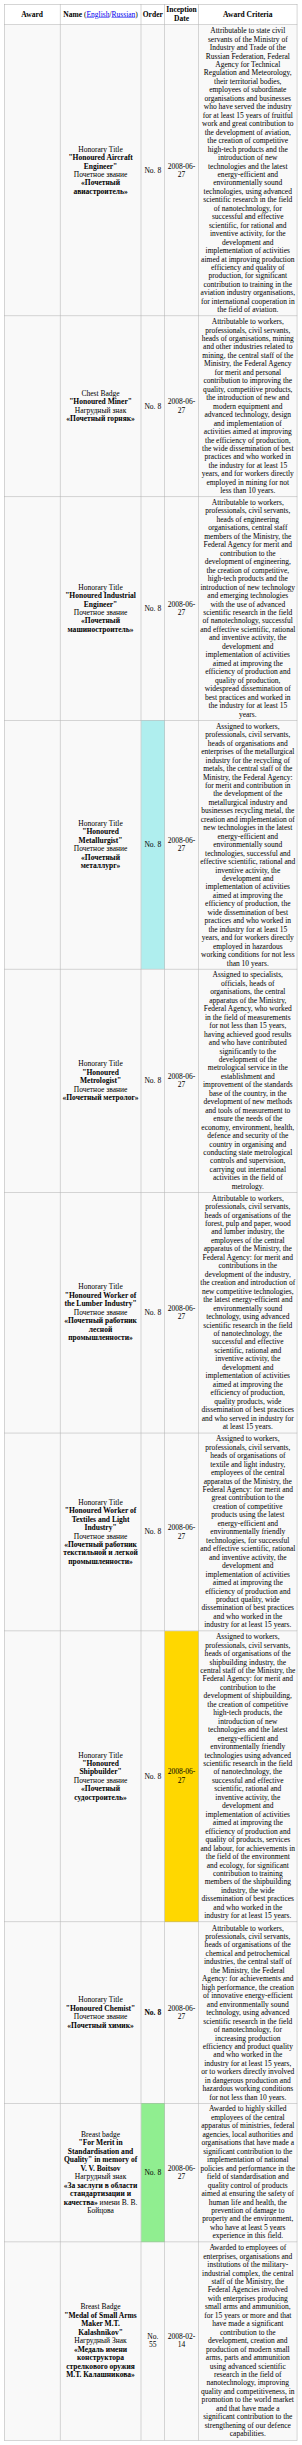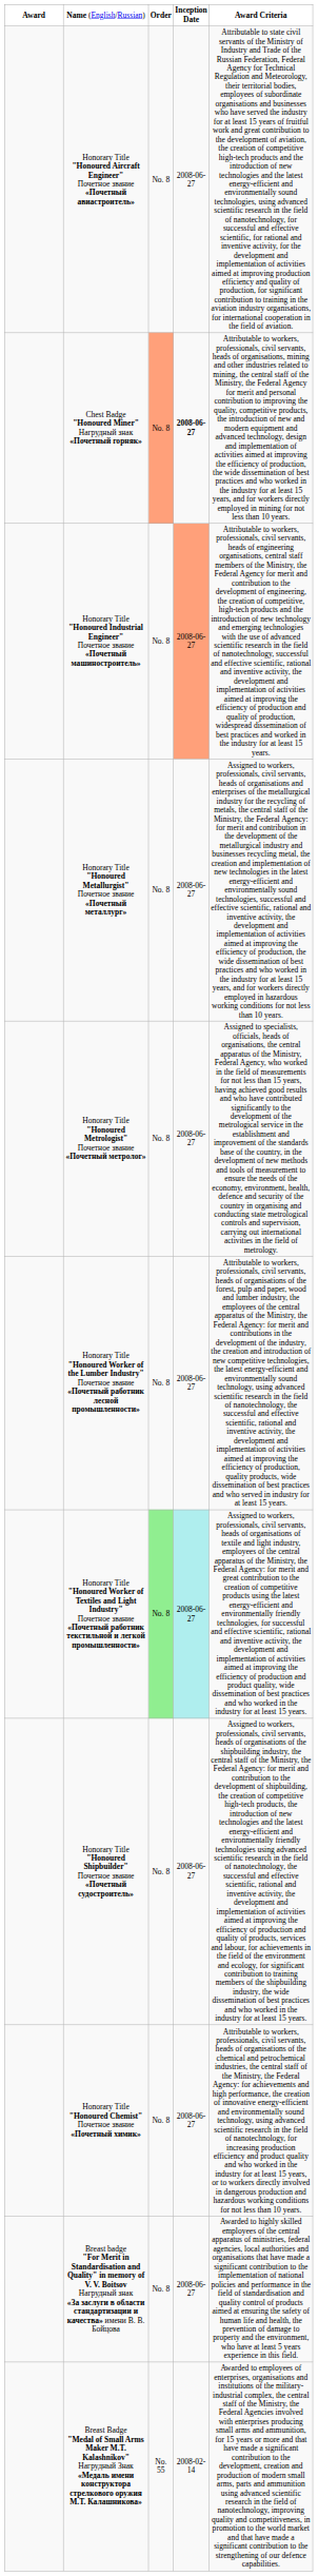 <table class="wikitable sortable" width="100%">
 <tr>
 <td width="20%" bgcolor="#FFFFFF" style="text-align:center;"><strong>Award</strong></td>
 <td width="28%" bgcolor="#FFFFFF" style="text-align:center;"><strong>Name</strong> (<a href='#'>English</a>/<a href='#'>Russian</a>)</td>
 <td width="07%" bgcolor="#FFFFFF" style="text-align:center;"><strong>Order</strong></td>
 <td width="10%" bgcolor="#FFFFFF" style="text-align:center;"><strong>Inception Date</strong></td>
 <td width="35%" bgcolor="#FFFFFF" style="text-align:center;"><strong>Award Criteria</strong></td>
 </tr>
 <tr>
 <td></td>
 <td style="text-align:center;">Honorary Title<br><strong>"Honoured Aircraft Engineer"</strong><br>Почетное звание<br><strong>«Почетный авиастроитель»</strong></td>
 <td style="text-align:center;">No. 8</td>
 <td style="text-align:center;">2008-06-27</td>
 <td style="text-align:center;">Attributable to state civil servants of the Ministry of Industry and Trade of the Russian Federation, Federal Agency for Technical Regulation and Meteorology, their territorial bodies, employees of subordinate organisations and businesses who have served the industry for at least 15 years of fruitful work and great contribution to the development of aviation, the creation of competitive high-tech products and the introduction of new technologies and the latest energy-efficient and environmentally sound technologies, using advanced scientific research in the field of nanotechnology, for successful and effective scientific, for rational and inventive activity, for the development and implementation of activities aimed at improving production efficiency and quality of production, for significant contribution to training in the aviation industry organisations, for international cooperation in the field of aviation.</td>
 </tr>
 <tr>
 <td></td>
 <td style="text-align:center;">Chest Badge<br><strong>"Honoured Miner"</strong><br>Нагрудный знак<br><strong>«Почетный горняк»</strong></td>
-<td style="text-align:center;">No. 8</td>
-<td style="text-align:center;">2008-06-27</td>
+<td style="background: lightsalmon; text-align:center;">No. 8</td>
+<td style="text-align:center;"><strong>2008-06-27</strong></td>
 <td style="text-align:center;">Attributable to workers, professionals, civil servants, heads of organisations, mining and other industries related to mining, the central staff of the Ministry, the Federal Agency for merit and personal contribution to improving the quality, competitive products, the introduction of new and modern equipment and advanced technology, design and implementation of activities aimed at improving the efficiency of production, the wide dissemination of best practices and who worked in the industry for at least 15 years, and for workers directly employed in mining for not less than 10 years.</td>
 </tr>
 <tr>
 <td></td>
 <td style="text-align:center;">Honorary Title<br><strong>"Honoured Industrial Engineer"</strong><br>Почетное звание<br><strong>«Почетный машиностроитель»</strong></td>
 <td style="text-align:center;">No. 8</td>
-<td style="text-align:center;">2008-06-27</td>
+<td style="background: lightsalmon; text-align:center;">2008-06-27</td>
 <td style="text-align:center;">Attributable to workers, professionals, civil servants, heads of engineering organisations, central staff members of the Ministry, the Federal Agency for merit and contribution to the development of engineering, the creation of competitive, high-tech products and the introduction of new technology and emerging technologies with the use of advanced scientific research in the field of nanotechnology, successful and effective scientific, rational and inventive activity, the development and implementation of activities aimed at improving the efficiency of production and quality of production, widespread dissemination of best practices and worked in the industry for at least 15 years.</td>
 </tr>
 <tr>
 <td></td>
 <td style="text-align:center;">Honorary Title<br><strong>"Honoured Metallurgist"</strong><br>Почетное звание<br><strong>«Почетный металлург»</strong></td>
-<td style="background: paleturquoise; text-align:center;">No. 8</td>
+<td style="text-align:center;">No. 8</td>
 <td style="text-align:center;">2008-06-27</td>
 <td style="text-align:center;">Assigned to workers, professionals, civil servants, heads of organisations and enterprises of the metallurgical industry for the recycling of metals, the central staff of the Ministry, the Federal Agency: for merit and contribution in the development of the metallurgical industry and businesses recycling metal, the creation and implementation of new technologies in the latest energy-efficient and environmentally sound technologies, successful and effective scientific, rational and inventive activity, the development and implementation of activities aimed at improving the efficiency of production, the wide dissemination of best practices and who worked in the industry for at least 15 years, and for workers directly employed in hazardous working conditions for not less than 10 years.</td>
 </tr>
 <tr>
 <td></td>
 <td style="text-align:center;">Honorary Title<br><strong>"Honoured Metrologist"</strong><br>Почетное звание<br><strong>«Почетный метролог»</strong></td>
 <td style="text-align:center;">No. 8</td>
 <td style="text-align:center;">2008-06-27</td>
 <td style="text-align:center;">Assigned to specialists, officials, heads of organisations, the central apparatus of the Ministry, Federal Agency, who worked in the field of measurements for not less than 15 years, having achieved good results and who have contributed significantly to the development of the metrological service in the establishment and improvement of the standards base of the country, in the development of new methods and tools of measurement to ensure the needs of the economy, environment, health, defence and security of the country in organising and conducting state metrological controls and supervision, carrying out international activities in the field of metrology.</td>
 </tr>
 <tr>
 <td></td>
 <td style="text-align:center;">Honorary Title<br><strong>"Honoured Worker of the Lumber Industry"</strong><br>Почетное звание<br><strong>«Почетный работник лесной промышленности»</strong></td>
 <td style="text-align:center;">No. 8</td>
 <td style="text-align:center;">2008-06-27</td>
 <td style="text-align:center;">Attributable to workers, professionals, civil servants, heads of organisations of the forest, pulp and paper, wood and lumber industry, the employees of the central apparatus of the Ministry, the Federal Agency: for merit and contributions in the development of the industry, the creation and introduction of new competitive technologies, the latest energy-efficient and environmentally sound technology, using advanced scientific research in the field of nanotechnology, the successful and effective scientific, rational and inventive activity, the development and implementation of activities aimed at improving the efficiency of production, quality products, wide dissemination of best practices and who served in industry for at least 15 years.</td>
 </tr>
 <tr>
 <td></td>
 <td style="text-align:center;">Honorary Title<br><strong>"Honoured Worker of Textiles and Light Industry"</strong><br>Почетное звание<br><strong>«Почетный работник текстильной и легкой промышленности»</strong></td>
-<td style="text-align:center;">No. 8</td>
-<td style="text-align:center;">2008-06-27</td>
+<td style="background: lightgreen; text-align:center;">No. 8</td>
+<td style="background: paleturquoise; text-align:center;">2008-06-27</td>
 <td style="text-align:center;">Assigned to workers, professionals, civil servants, heads of organisations of textile and light industry, employees of the central apparatus of the Ministry, the Federal Agency: for merit and great contribution to the creation of competitive products using the latest energy-efficient and environmentally friendly technologies, for successful and effective scientific, rational and inventive activity, the development and implementation of activities aimed at improving the efficiency of production and product quality, wide dissemination of best practices and who worked in the industry for at least 15 years.</td>
 </tr>
 <tr>
 <td></td>
 <td style="text-align:center;">Honorary Title<br><strong>"Honoured Shipbuilder"</strong><br>Почетное звание<br><strong>«Почетный судостроитель»</strong></td>
 <td style="text-align:center;">No. 8</td>
-<td style="background: gold; text-align:center;">2008-06-27</td>
+<td style="text-align:center;">2008-06-27</td>
 <td style="text-align:center;">Assigned to workers, professionals, civil servants, heads of organisations of the shipbuilding industry, the central staff of the Ministry, the Federal Agency: for merit and contribution to the development of shipbuilding, the creation of competitive high-tech products, the introduction of new technologies and the latest energy-efficient and environmentally friendly technologies using advanced scientific research in the field of nanotechnology, the successful and effective scientific, rational and inventive activity, the development and implementation of activities aimed at improving the efficiency of production and quality of products, services and labour, for achievements in the field of the environment and ecology, for significant contribution to training members of the shipbuilding industry, the wide dissemination of best practices and who worked in the industry for at least 15 years.</td>
 </tr>
 <tr>
 <td></td>
 <td style="text-align:center;">Honorary Title<br><strong>"Honoured Chemist"</strong><br>Почетное звание<br><strong>«Почетный химик»</strong></td>
-<td style="text-align:center;"><strong>No. 8</strong></td>
+<td style="text-align:center;">No. 8</td>
 <td style="text-align:center;">2008-06-27</td>
 <td style="text-align:center;">Attributable to workers, professionals, civil servants, heads of organisations of the chemical and petrochemical industries, the central staff of the Ministry, the Federal Agency: for achievements and high performance, the creation of innovative energy-efficient and environmentally sound technology, using advanced scientific research in the field of nanotechnology, for increasing production efficiency and product quality and who worked in the industry for at least 15 years, or to workers directly involved in dangerous production and hazardous working conditions for not less than 10 years.</td>
 </tr>
 <tr>
 <td></td>
 <td style="text-align:center;">Breast badge<br><strong>"For Merit in Standardisation and Quality" in memory of V. V. Boitsov </strong><br>Нагрудный знак<br><strong>«За заслуги в области стандартизации и качества»</strong> имени В. В. Бойцова</td>
-<td style="background: lightgreen; text-align:center;">No. 8</td>
+<td style="text-align:center;">No. 8</td>
 <td style="text-align:center;">2008-06-27</td>
 <td style="text-align:center;">Awarded to highly skilled employees of the central apparatus of ministries, federal agencies, local authorities and organisations that have made a significant contribution to the implementation of national policies and performance in the field of standardisation and quality control of products aimed at ensuring the safety of human life and health, the prevention of damage to property and the environment, who have at least 5 years experience in this field.</td>
 </tr>
 <tr>
 <td></td>
 <td style="text-align:center;">Breast Badge<br><strong>"Medal of Small Arms Maker M.T. Kalashnikov"</strong><br>Нагрудный Знак<br><strong>«Медаль имени конструктора стрелкового оружия М.Т. Калашникова»</strong></td>
 <td style="text-align:center;">No. 55</td>
 <td style="text-align:center;">2008-02-14</td>
 <td style="text-align:center;">Awarded to employees of enterprises, organisations and institutions of the military-industrial complex, the central staff of the Ministry, the Federal Agencies involved with enterprises producing small arms and ammunition, for 15 years or more and that have made a significant contribution to the development, creation and production of modern small arms, parts and ammunition using advanced scientific research in the field of nanotechnology, improving quality and competitiveness, in promotion to the world market and that have made a significant contribution to the strengthening of our defence capabilities.</td>
 </tr>
 </table>
